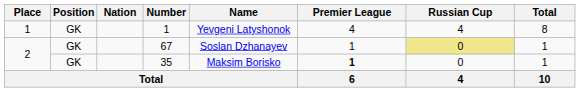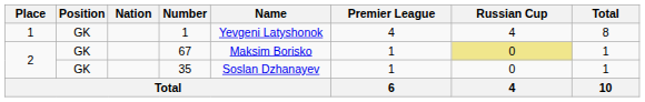 <table class="wikitable" style="font-size: 95%; text-align: center;">
 <tr>
 <th width=60>Place</th>
 <th width=60>Position</th>
 <th width=60>Nation</th>
 <th width=60>Number</th>
 <th width=150>Name</th>
 <th width=150>Premier League</th>
 <th width=150>Russian Cup</th>
 <th width=80>Total</th>
 </tr>
 <tr>
 <td>1</td>
 <td>GK</td>
 <td></td>
 <td>1</td>
 <td><a href='#'>Yevgeni Latyshonok</a></td>
 <td>4</td>
 <td>4</td>
 <td>8</td>
 </tr>
 <tr>
 <td rowspan="2">2</td>
 <td>GK</td>
 <td></td>
 <td>67</td>
-<td><a href='#'>Soslan Dzhanayev</a></td>
+<td><a href='#'>Maksim Borisko</a></td>
 <td>1</td>
 <td style="background: khaki;">0</td>
 <td>1</td>
 </tr>
 <tr>
 <td>GK</td>
 <td></td>
 <td>35</td>
-<td><a href='#'>Maksim Borisko</a></td>
-<td><strong>1</strong></td>
+<td><a href='#'>Soslan Dzhanayev</a></td>
+<td>1</td>
 <td>0</td>
 <td>1</td>
 </tr>
 <tr>
 <th colspan=5>Total</th>
 <th>6</th>
 <th>4</th>
 <th>10</th>
 </tr>
 </table>
